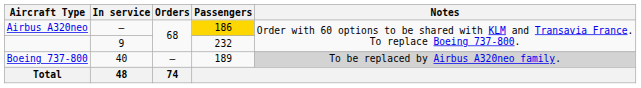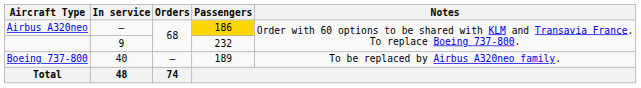 <table class="wikitable toccolours" border="1" cellpadding="5" style="border-collapse:collapse;text-align:center;margin:1em auto;">
 <tr>
 <th>Aircraft Type</th>
 <th>In service</th>
 <th>Orders</th>
 <th>Passengers</th>
 <th>Notes</th>
 </tr>
 <tr>
 <td><a href='#'>Airbus A320neo</a></td>
 <td>—</td>
 <td rowspan="2">68</td>
 <td style="background: gold;">186</td>
 <td rowspan="2">Order with 60 options to be shared with <a href='#'>KLM</a> and <a href='#'>Transavia France</a>.<br>To replace <a href='#'>Boeing 737-800</a>.</td>
 </tr>
 <tr>
 <td></td>
 <td>9</td>
 <td>232</td>
 </tr>
 <tr>
 <td><a href='#'>Boeing 737-800</a></td>
 <td>40</td>
 <td>—</td>
 <td>189</td>
-<td style="background: lightgrey;">To be replaced by <a href='#'>Airbus A320neo family</a>.</td>
+<td>To be replaced by <a href='#'>Airbus A320neo family</a>.</td>
 </tr>
 <tr>
 <th>Total</th>
 <th>48</th>
 <th>74</th>
 <th colspan="2"></th>
 </tr>
 </table>
